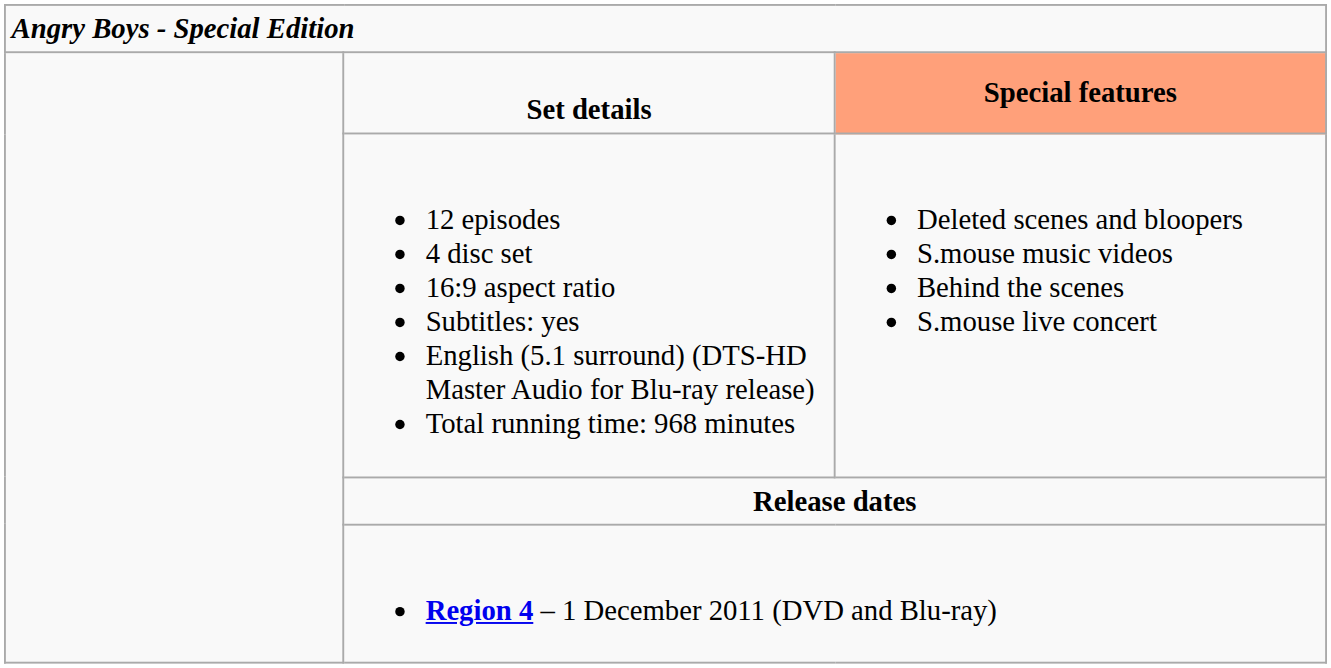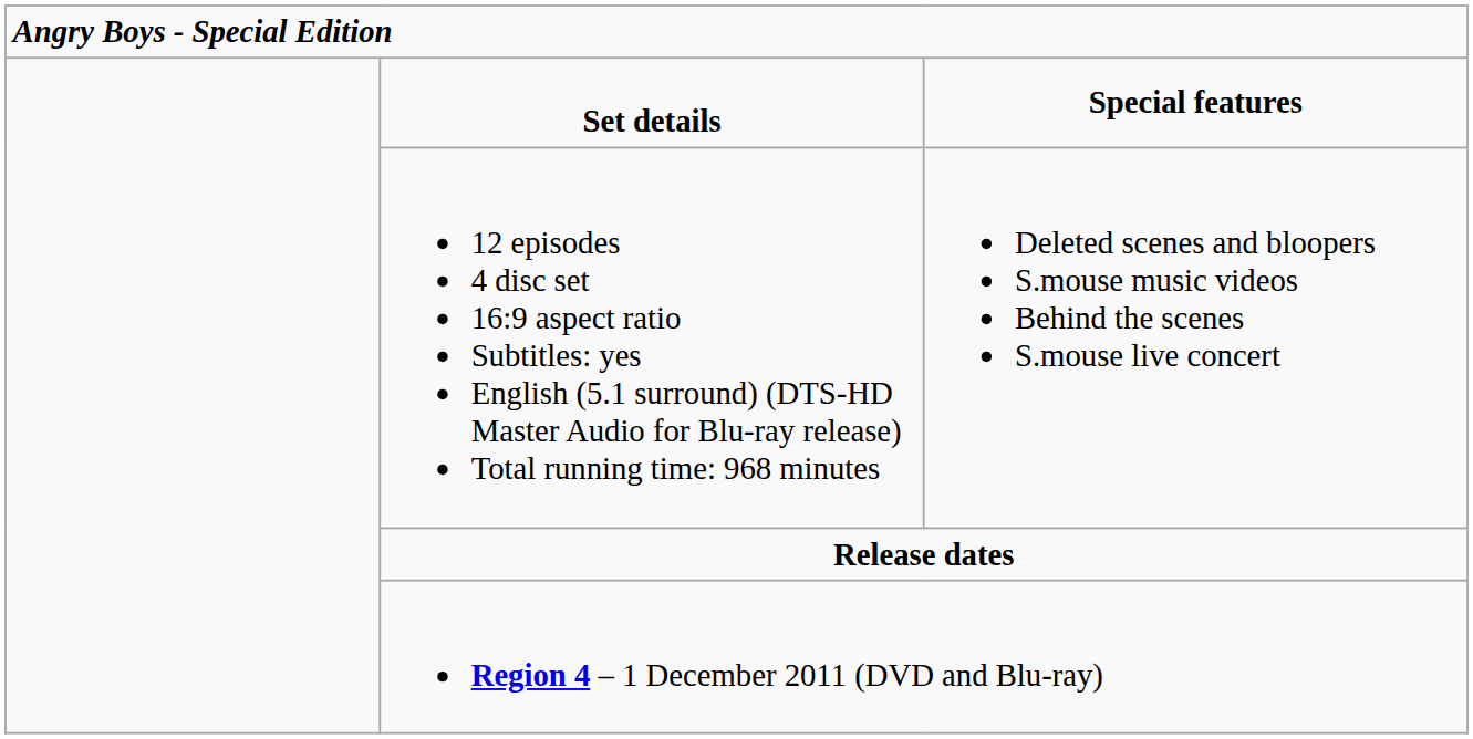 <table class="wikitable" width="700" style="font-size: 95%;">
 <tr>
 <td colspan="3"><strong><em>Angry Boys - Special Edition</em></strong></td>
 </tr>
 <tr>
 <td rowspan="7" align="center" width="170"></td>
 <td width="250" align="center" colspan="1"><br><strong>Set details</strong></td>
-<td width="250" align="center" colspan="1" style="background: lightsalmon;"><strong>Special features</strong></td>
+<td width="250" align="center" colspan="1"><strong>Special features</strong></td>
 </tr>
 <tr valign="top">
 <td colspan="1" align="left" width="250"><br><ul><li>12 episodes</li><li>4 disc set</li><li>16:9 aspect ratio</li><li>Subtitles: yes</li><li>English (5.1 surround) (DTS-HD Master Audio for Blu-ray release)</li><li>Total running time: 968 minutes</li></ul></td>
 <td colspan="1" align="left" width="250"><br><ul><li>Deleted scenes and bloopers</li><li>S.mouse music videos</li><li>Behind the scenes</li><li>S.mouse live concert</li></ul></td>
 </tr>
 <tr>
 <td colspan="3" align="center"><strong>Release dates</strong></td>
 </tr>
 <tr>
 <td colspan="2"><br><ul><li><strong><a href='#'>Region 4</a></strong> – 1 December 2011 (DVD and Blu-ray)</li></ul></td>
 </tr>
 </table>
